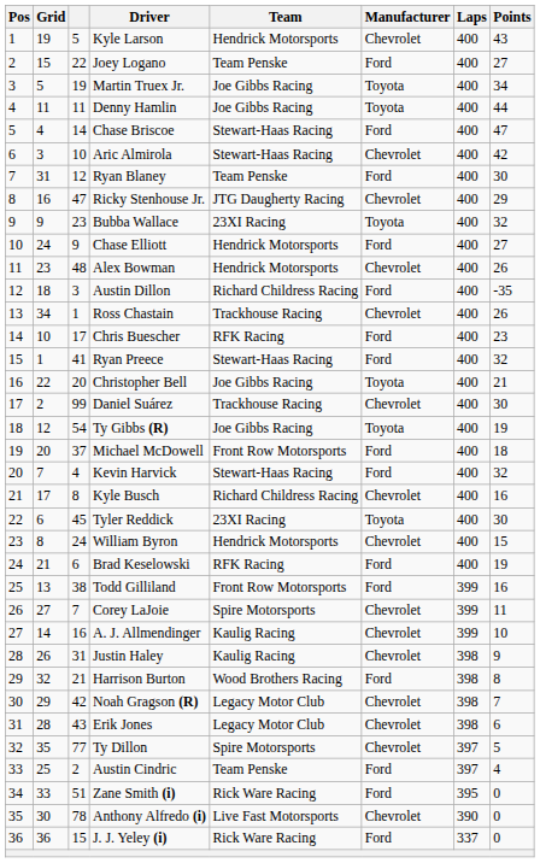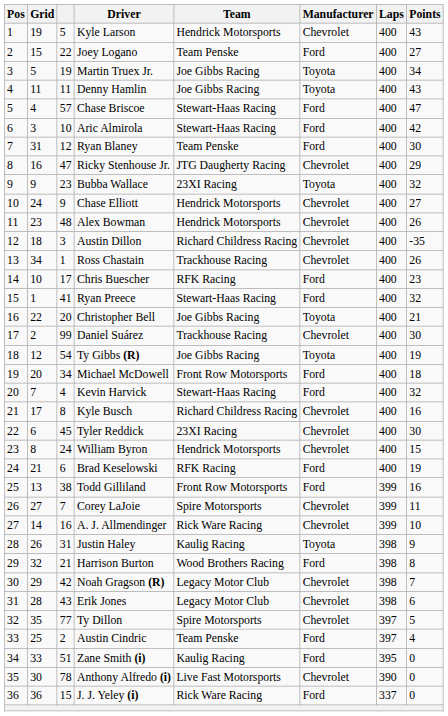 <table class="wikitable" style="font-size:98%">
 <tr>
 <th>Pos</th>
 <th>Grid</th>
 <th></th>
 <th>Driver</th>
 <th>Team</th>
 <th>Manufacturer</th>
 <th>Laps</th>
 <th>Points</th>
 </tr>
 <tr>
 <td>1</td>
 <td>19</td>
 <td>5</td>
 <td>Kyle Larson</td>
 <td>Hendrick Motorsports</td>
 <td>Chevrolet</td>
 <td>400</td>
 <td>43</td>
 </tr>
 <tr>
 <td>2</td>
 <td>15</td>
 <td>22</td>
 <td>Joey Logano</td>
 <td>Team Penske</td>
 <td>Ford</td>
 <td>400</td>
 <td>27</td>
 </tr>
 <tr>
 <td>3</td>
 <td>5</td>
 <td>19</td>
 <td>Martin Truex Jr.</td>
 <td>Joe Gibbs Racing</td>
 <td>Toyota</td>
 <td>400</td>
 <td>34</td>
 </tr>
 <tr>
 <td>4</td>
 <td>11</td>
 <td>11</td>
 <td>Denny Hamlin</td>
 <td>Joe Gibbs Racing</td>
 <td>Toyota</td>
 <td>400</td>
-<td>44</td>
+<td>43</td>
 </tr>
 <tr>
 <td>5</td>
 <td>4</td>
-<td>14</td>
+<td>57</td>
 <td>Chase Briscoe</td>
 <td>Stewart-Haas Racing</td>
 <td>Ford</td>
 <td>400</td>
 <td>47</td>
 </tr>
 <tr>
 <td>6</td>
 <td>3</td>
 <td>10</td>
 <td>Aric Almirola</td>
 <td>Stewart-Haas Racing</td>
-<td>Chevrolet</td>
+<td>Ford</td>
 <td>400</td>
 <td>42</td>
 </tr>
 <tr>
 <td>7</td>
 <td>31</td>
 <td>12</td>
 <td>Ryan Blaney</td>
 <td>Team Penske</td>
 <td>Ford</td>
 <td>400</td>
 <td>30</td>
 </tr>
 <tr>
 <td>8</td>
 <td>16</td>
 <td>47</td>
 <td>Ricky Stenhouse Jr.</td>
 <td>JTG Daugherty Racing</td>
 <td>Chevrolet</td>
 <td>400</td>
 <td>29</td>
 </tr>
 <tr>
 <td>9</td>
 <td>9</td>
 <td>23</td>
 <td>Bubba Wallace</td>
 <td>23XI Racing</td>
 <td>Toyota</td>
 <td>400</td>
 <td>32</td>
 </tr>
 <tr>
 <td>10</td>
 <td>24</td>
 <td>9</td>
 <td>Chase Elliott</td>
 <td>Hendrick Motorsports</td>
-<td>Ford</td>
+<td>Chevrolet</td>
 <td>400</td>
 <td>27</td>
 </tr>
 <tr>
 <td>11</td>
 <td>23</td>
 <td>48</td>
 <td>Alex Bowman</td>
 <td>Hendrick Motorsports</td>
 <td>Chevrolet</td>
 <td>400</td>
 <td>26</td>
 </tr>
 <tr>
 <td>12</td>
 <td>18</td>
 <td>3</td>
 <td>Austin Dillon</td>
 <td>Richard Childress Racing</td>
-<td>Ford</td>
+<td>Chevrolet</td>
 <td>400</td>
 <td>-35</td>
 </tr>
 <tr>
 <td>13</td>
 <td>34</td>
 <td>1</td>
 <td>Ross Chastain</td>
 <td>Trackhouse Racing</td>
 <td>Chevrolet</td>
 <td>400</td>
 <td>26</td>
 </tr>
 <tr>
 <td>14</td>
 <td>10</td>
 <td>17</td>
 <td>Chris Buescher</td>
 <td>RFK Racing</td>
 <td>Ford</td>
 <td>400</td>
 <td>23</td>
 </tr>
 <tr>
 <td>15</td>
 <td>1</td>
 <td>41</td>
 <td>Ryan Preece</td>
 <td>Stewart-Haas Racing</td>
 <td>Ford</td>
 <td>400</td>
 <td>32</td>
 </tr>
 <tr>
 <td>16</td>
 <td>22</td>
 <td>20</td>
 <td>Christopher Bell</td>
 <td>Joe Gibbs Racing</td>
 <td>Toyota</td>
 <td>400</td>
 <td>21</td>
 </tr>
 <tr>
 <td>17</td>
 <td>2</td>
 <td>99</td>
 <td>Daniel Suárez</td>
 <td>Trackhouse Racing</td>
 <td>Chevrolet</td>
 <td>400</td>
 <td>30</td>
 </tr>
 <tr>
 <td>18</td>
 <td>12</td>
 <td>54</td>
 <td>Ty Gibbs <strong>(R)</strong></td>
 <td>Joe Gibbs Racing</td>
 <td>Toyota</td>
 <td>400</td>
 <td>19</td>
 </tr>
 <tr>
 <td>19</td>
 <td>20</td>
-<td>37</td>
+<td>34</td>
 <td>Michael McDowell</td>
 <td>Front Row Motorsports</td>
 <td>Ford</td>
 <td>400</td>
 <td>18</td>
 </tr>
 <tr>
 <td>20</td>
 <td>7</td>
 <td>4</td>
 <td>Kevin Harvick</td>
 <td>Stewart-Haas Racing</td>
 <td>Ford</td>
 <td>400</td>
 <td>32</td>
 </tr>
 <tr>
 <td>21</td>
 <td>17</td>
 <td>8</td>
 <td>Kyle Busch</td>
 <td>Richard Childress Racing</td>
 <td>Chevrolet</td>
 <td>400</td>
 <td>16</td>
 </tr>
 <tr>
 <td>22</td>
 <td>6</td>
 <td>45</td>
 <td>Tyler Reddick</td>
 <td>23XI Racing</td>
-<td>Toyota</td>
+<td>Chevrolet</td>
 <td>400</td>
 <td>30</td>
 </tr>
 <tr>
 <td>23</td>
 <td>8</td>
 <td>24</td>
 <td>William Byron</td>
 <td>Hendrick Motorsports</td>
 <td>Chevrolet</td>
 <td>400</td>
 <td>15</td>
 </tr>
 <tr>
 <td>24</td>
 <td>21</td>
 <td>6</td>
 <td>Brad Keselowski</td>
 <td>RFK Racing</td>
 <td>Ford</td>
 <td>400</td>
 <td>19</td>
 </tr>
 <tr>
 <td>25</td>
 <td>13</td>
 <td>38</td>
 <td>Todd Gilliland</td>
 <td>Front Row Motorsports</td>
 <td>Ford</td>
 <td>399</td>
 <td>16</td>
 </tr>
 <tr>
 <td>26</td>
 <td>27</td>
 <td>7</td>
 <td>Corey LaJoie</td>
 <td>Spire Motorsports</td>
 <td>Chevrolet</td>
 <td>399</td>
 <td>11</td>
 </tr>
 <tr>
 <td>27</td>
 <td>14</td>
 <td>16</td>
 <td>A. J. Allmendinger</td>
-<td>Kaulig Racing</td>
+<td>Rick Ware Racing</td>
 <td>Chevrolet</td>
 <td>399</td>
 <td>10</td>
 </tr>
 <tr>
 <td>28</td>
 <td>26</td>
 <td>31</td>
 <td>Justin Haley</td>
 <td>Kaulig Racing</td>
-<td>Chevrolet</td>
+<td>Toyota</td>
 <td>398</td>
 <td>9</td>
 </tr>
 <tr>
 <td>29</td>
 <td>32</td>
 <td>21</td>
 <td>Harrison Burton</td>
 <td>Wood Brothers Racing</td>
 <td>Ford</td>
 <td>398</td>
 <td>8</td>
 </tr>
 <tr>
 <td>30</td>
 <td>29</td>
 <td>42</td>
 <td>Noah Gragson <strong>(R)</strong></td>
 <td>Legacy Motor Club</td>
 <td>Chevrolet</td>
 <td>398</td>
 <td>7</td>
 </tr>
 <tr>
 <td>31</td>
 <td>28</td>
 <td>43</td>
 <td>Erik Jones</td>
 <td>Legacy Motor Club</td>
 <td>Chevrolet</td>
 <td>398</td>
 <td>6</td>
 </tr>
 <tr>
 <td>32</td>
 <td>35</td>
 <td>77</td>
 <td>Ty Dillon</td>
 <td>Spire Motorsports</td>
 <td>Chevrolet</td>
 <td>397</td>
 <td>5</td>
 </tr>
 <tr>
 <td>33</td>
 <td>25</td>
 <td>2</td>
 <td>Austin Cindric</td>
 <td>Team Penske</td>
 <td>Ford</td>
 <td>397</td>
 <td>4</td>
 </tr>
 <tr>
 <td>34</td>
 <td>33</td>
 <td>51</td>
 <td>Zane Smith <strong>(i)</strong></td>
-<td>Rick Ware Racing</td>
+<td>Kaulig Racing</td>
 <td>Ford</td>
 <td>395</td>
 <td>0</td>
 </tr>
 <tr>
 <td>35</td>
 <td>30</td>
 <td>78</td>
 <td>Anthony Alfredo <strong>(i)</strong></td>
 <td>Live Fast Motorsports</td>
 <td>Chevrolet</td>
 <td>390</td>
 <td>0</td>
 </tr>
 <tr>
 <td>36</td>
 <td>36</td>
 <td>15</td>
 <td>J. J. Yeley <strong>(i)</strong></td>
 <td>Rick Ware Racing</td>
 <td>Ford</td>
 <td>337</td>
 <td>0</td>
 </tr>
 <tr>
 <th colspan="8"></th>
 </tr>
 </table>
